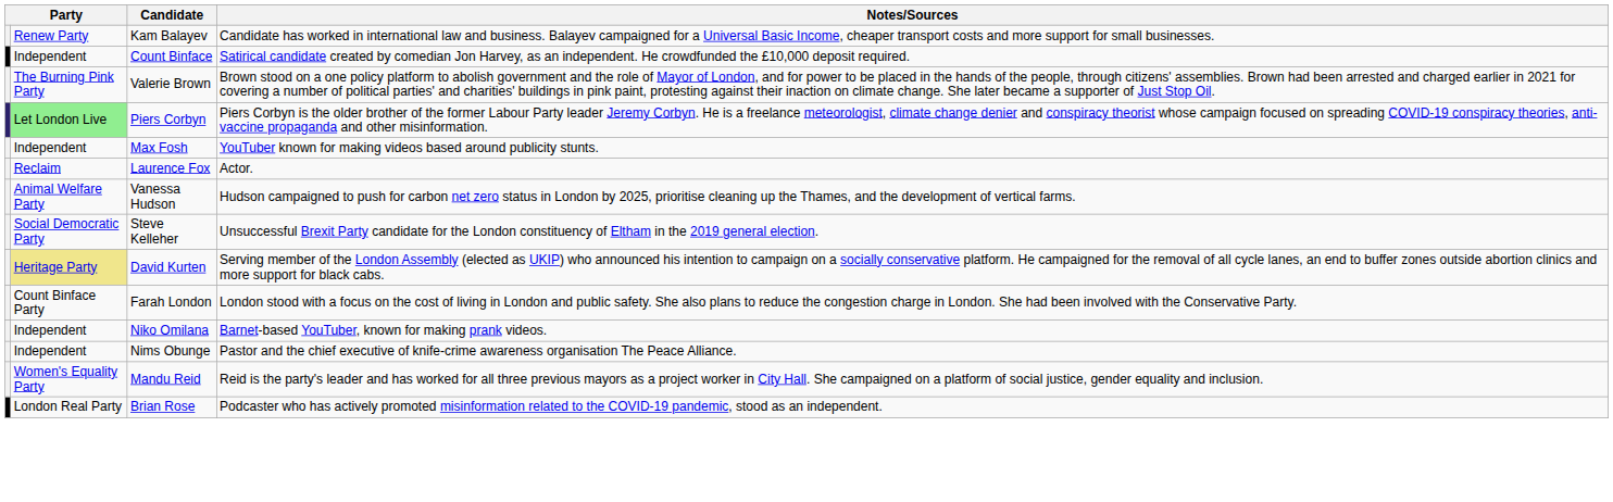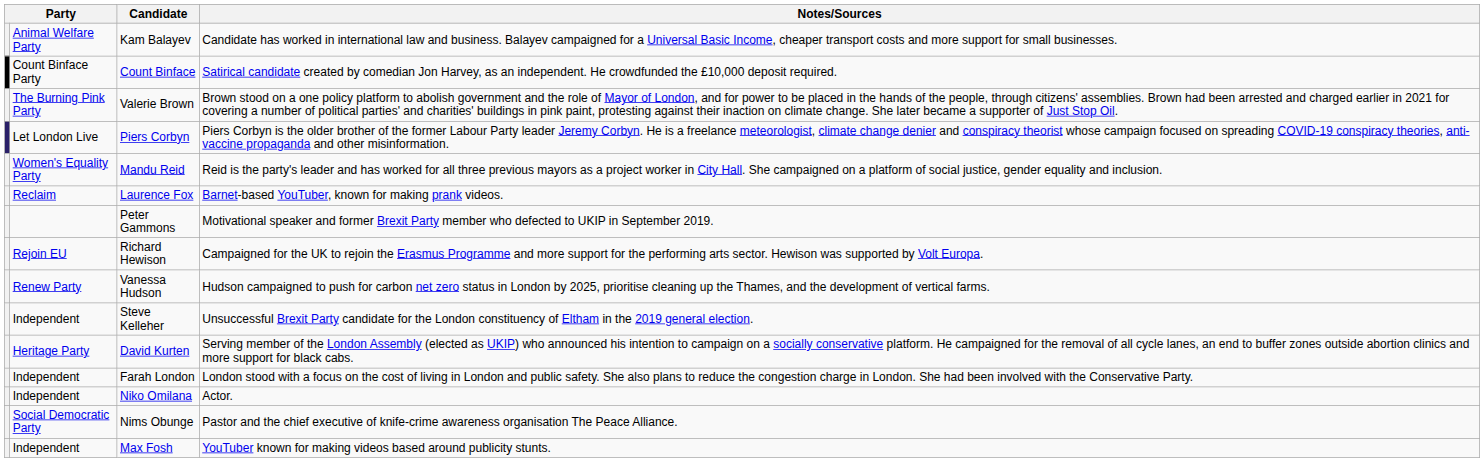 <table class ="wikitable">
 <tr style="background:#ccc;">
 <th colspan="2" scope="col" style="width:7px;">Party</th>
 <th scope="col">Candidate</th>
 <th scope="col">Notes/Sources</th>
 </tr>
 <tr>
 <th style="background-color: "></th>
-<td><a href='#'>Renew Party</a></td>
+<td><a href='#'>Animal Welfare Party</a></td>
 <td>Kam Balayev</td>
 <td>Candidate has worked in international law and business. Balayev campaigned for a <a href='#'>Universal Basic Income</a>, cheaper transport costs and more support for small businesses.</td>
 </tr>
 <tr>
 <th style="background-color: #000000"></th>
-<td>Independent</td>
+<td>Count Binface Party</td>
 <td><a href='#'>Count Binface</a></td>
 <td><a href='#'>Satirical candidate</a> created by comedian Jon Harvey, as an independent. He crowdfunded the £10,000 deposit required.</td>
 </tr>
 <tr>
 <th style="background-color: "></th>
 <td><a href='#'>The Burning Pink Party</a></td>
 <td>Valerie Brown</td>
 <td>Brown stood on a one policy platform to abolish government and the role of <a href='#'>Mayor of London</a>, and for power to be placed in the hands of the people, through citizens' assemblies. Brown had been arrested and charged earlier in 2021 for covering a number of political parties' and charities' buildings in pink paint, protesting against their inaction on climate change. She later became a supporter of <a href='#'>Just Stop Oil</a>.</td>
 </tr>
 <tr>
 <th style="background-color: #2B2169"></th>
-<td style="background: lightgreen;">Let London Live</td>
+<td>Let London Live</td>
 <td><a href='#'>Piers Corbyn</a></td>
 <td>Piers Corbyn is the older brother of the former Labour Party leader <a href='#'>Jeremy Corbyn</a>. He is a freelance <a href='#'>meteorologist</a>, <a href='#'>climate change denier</a> and <a href='#'>conspiracy theorist</a> whose campaign focused on spreading <a href='#'>COVID-19 conspiracy theories</a>, <a href='#'>anti-vaccine propaganda</a> and other misinformation.</td>
-</tr>
-<tr>
-<th style="background-color: "></th>
-<td>Independent</td>
-<td><a href='#'>Max Fosh</a></td>
-<td><a href='#'>YouTuber</a> known for making videos based around publicity stunts.</td>
-</tr>
-<tr>
-<th style="background-color: "></th>
-<td><a href='#'>Reclaim</a></td>
-<td><a href='#'>Laurence Fox</a></td>
-<td>Actor.</td>
-</tr>
-<tr>
-<th style="background-color: "></th>
-<td><a href='#'>Animal Welfare Party</a></td>
-<td>Vanessa Hudson</td>
-<td>Hudson campaigned to push for carbon <a href='#'>net zero</a> status in London by 2025, prioritise cleaning up the Thames, and the development of vertical farms.</td>
-</tr>
-<tr>
-<th style="background-color: "></th>
-<td><a href='#'>Social Democratic Party</a></td>
-<td>Steve Kelleher</td>
-<td>Unsuccessful <a href='#'>Brexit Party</a> candidate for the London constituency of <a href='#'>Eltham</a> in the <a href='#'>2019 general election</a>.</td>
-</tr>
-<tr>
-<th style="background-color: "></th>
-<td style="background: khaki;"><a href='#'>Heritage Party</a></td>
-<td><a href='#'>David Kurten</a></td>
-<td>Serving member of the <a href='#'>London Assembly</a> (elected as <a href='#'>UKIP</a>) who announced his intention to campaign on a <a href='#'>socially conservative</a> platform. He campaigned for the removal of all cycle lanes, an end to buffer zones outside abortion clinics and more support for black cabs.</td>
-</tr>
-<tr>
-<th style="background-color: "></th>
-<td>Count Binface Party</td>
-<td>Farah London</td>
-<td>London stood with a focus on the cost of living in London and public safety. She also plans to reduce the congestion charge in London. She had been involved with the Conservative Party.</td>
-</tr>
-<tr>
-<th style="background-color: "></th>
-<td>Independent</td>
-<td><a href='#'>Niko Omilana</a></td>
-<td><a href='#'>Barnet</a>-based <a href='#'>YouTuber</a>, known for making <a href='#'>prank</a> videos.</td>
-</tr>
-<tr>
-<th style="background-color: "></th>
-<td>Independent</td>
-<td>Nims Obunge</td>
-<td>Pastor and the chief executive of knife-crime awareness organisation The Peace Alliance.</td>
 </tr>
 <tr>
 <th style="background-color: "></th>
 <td><a href='#'>Women's Equality Party</a></td>
 <td><a href='#'>Mandu Reid</a></td>
 <td>Reid is the party's leader and has worked for all three previous mayors as a project worker in <a href='#'>City Hall</a>. She campaigned on a platform of social justice, gender equality and inclusion.</td>
 </tr>
 <tr>
-<th style="background-color: #000000"></th>
-<td>London Real Party</td>
-<td><a href='#'>Brian Rose</a></td>
-<td>Podcaster who has actively promoted <a href='#'>misinformation related to the COVID-19 pandemic</a>, stood as an independent.</td>
+<th style="background-color: "></th>
+<td><a href='#'>Reclaim</a></td>
+<td><a href='#'>Laurence Fox</a></td>
+<td><a href='#'>Barnet</a>-based <a href='#'>YouTuber</a>, known for making <a href='#'>prank</a> videos.</td>
+</tr>
+<tr>
+<th style="background-color: "></th>
+<td></td>
+<td>Peter Gammons</td>
+<td>Motivational speaker and former <a href='#'>Brexit Party</a> member who defected to UKIP in September 2019.</td>
+</tr>
+<tr>
+<th style="background-color: "></th>
+<td><a href='#'>Rejoin EU</a></td>
+<td>Richard Hewison</td>
+<td>Campaigned for the UK to rejoin the <a href='#'>Erasmus Programme</a> and more support for the performing arts sector. Hewison was supported by <a href='#'>Volt Europa</a>.</td>
+</tr>
+<tr>
+<th style="background-color: "></th>
+<td><a href='#'>Renew Party</a></td>
+<td>Vanessa Hudson</td>
+<td>Hudson campaigned to push for carbon <a href='#'>net zero</a> status in London by 2025, prioritise cleaning up the Thames, and the development of vertical farms.</td>
+</tr>
+<tr>
+<th style="background-color: "></th>
+<td>Independent</td>
+<td>Steve Kelleher</td>
+<td>Unsuccessful <a href='#'>Brexit Party</a> candidate for the London constituency of <a href='#'>Eltham</a> in the <a href='#'>2019 general election</a>.</td>
+</tr>
+<tr>
+<th style="background-color: "></th>
+<td><a href='#'>Heritage Party</a></td>
+<td><a href='#'>David Kurten</a></td>
+<td>Serving member of the <a href='#'>London Assembly</a> (elected as <a href='#'>UKIP</a>) who announced his intention to campaign on a <a href='#'>socially conservative</a> platform. He campaigned for the removal of all cycle lanes, an end to buffer zones outside abortion clinics and more support for black cabs.</td>
+</tr>
+<tr>
+<th style="background-color: "></th>
+<td>Independent</td>
+<td>Farah London</td>
+<td>London stood with a focus on the cost of living in London and public safety. She also plans to reduce the congestion charge in London. She had been involved with the Conservative Party.</td>
+</tr>
+<tr>
+<th style="background-color: "></th>
+<td>Independent</td>
+<td><a href='#'>Niko Omilana</a></td>
+<td>Actor.</td>
+</tr>
+<tr>
+<th style="background-color: "></th>
+<td><a href='#'>Social Democratic Party</a></td>
+<td>Nims Obunge</td>
+<td>Pastor and the chief executive of knife-crime awareness organisation The Peace Alliance.</td>
+</tr>
+<tr>
+<th style="background-color: "></th>
+<td>Independent</td>
+<td><a href='#'>Max Fosh</a></td>
+<td><a href='#'>YouTuber</a> known for making videos based around publicity stunts.</td>
 </tr>
 </table>
